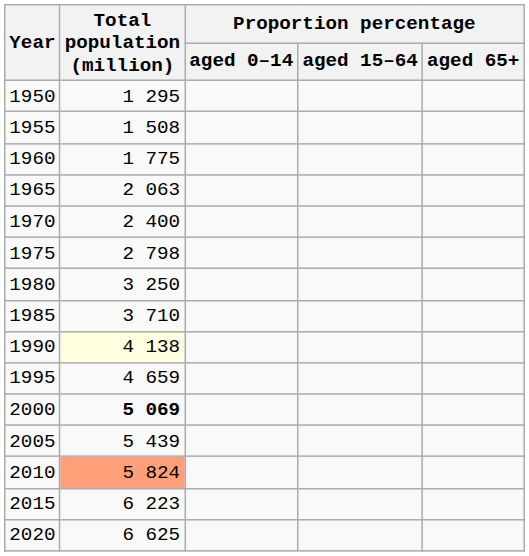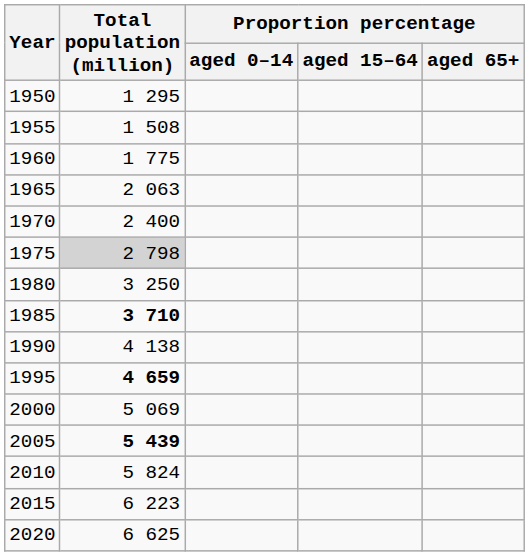 <table class="wikitable" style="text-align: right;">
 <tr>
 <th rowspan=2>Year</th>
 <th rowspan=2 width="70pt">Total population<br> (million)</th>
 <th colspan=3 width="70pt">Proportion percentage</th>
 </tr>
 <tr>
 <th>aged 0–14</th>
 <th>aged 15–64</th>
 <th>aged 65+</th>
 </tr>
 <tr>
 <td>1950</td>
 <td>1 295</td>
 <td></td>
 <td></td>
 <td></td>
 </tr>
 <tr>
 <td>1955</td>
 <td>1 508</td>
 <td></td>
 <td></td>
 <td></td>
 </tr>
 <tr>
 <td>1960</td>
 <td>1 775</td>
 <td></td>
 <td></td>
 <td></td>
 </tr>
 <tr>
 <td>1965</td>
 <td>2 063</td>
 <td></td>
 <td></td>
 <td></td>
 </tr>
 <tr>
 <td>1970</td>
 <td>2 400</td>
 <td></td>
 <td></td>
 <td></td>
 </tr>
 <tr>
 <td>1975</td>
-<td>2 798</td>
+<td style="background: lightgrey;">2 798</td>
 <td></td>
 <td></td>
 <td></td>
 </tr>
 <tr>
 <td>1980</td>
 <td>3 250</td>
 <td></td>
 <td></td>
 <td></td>
 </tr>
 <tr>
 <td>1985</td>
-<td>3 710</td>
+<td><strong>3 710</strong></td>
 <td></td>
 <td></td>
 <td></td>
 </tr>
 <tr>
 <td>1990</td>
-<td style="background: lightyellow;">4 138</td>
+<td>4 138</td>
 <td></td>
 <td></td>
 <td></td>
 </tr>
 <tr>
 <td>1995</td>
-<td>4 659</td>
+<td><strong>4 659</strong></td>
 <td></td>
 <td></td>
 <td></td>
 </tr>
 <tr>
 <td>2000</td>
-<td><strong>5 069</strong></td>
+<td>5 069</td>
 <td></td>
 <td></td>
 <td></td>
 </tr>
 <tr>
 <td>2005</td>
-<td>5 439</td>
+<td><strong>5 439</strong></td>
 <td></td>
 <td></td>
 <td></td>
 </tr>
 <tr>
 <td>2010</td>
-<td style="background: lightsalmon;">5 824</td>
+<td>5 824</td>
 <td></td>
 <td></td>
 <td></td>
 </tr>
 <tr>
 <td>2015</td>
 <td>6 223</td>
 <td></td>
 <td></td>
 <td></td>
 </tr>
 <tr>
 <td>2020</td>
 <td>6 625</td>
 <td></td>
 <td></td>
 <td></td>
 </tr>
 </table>
